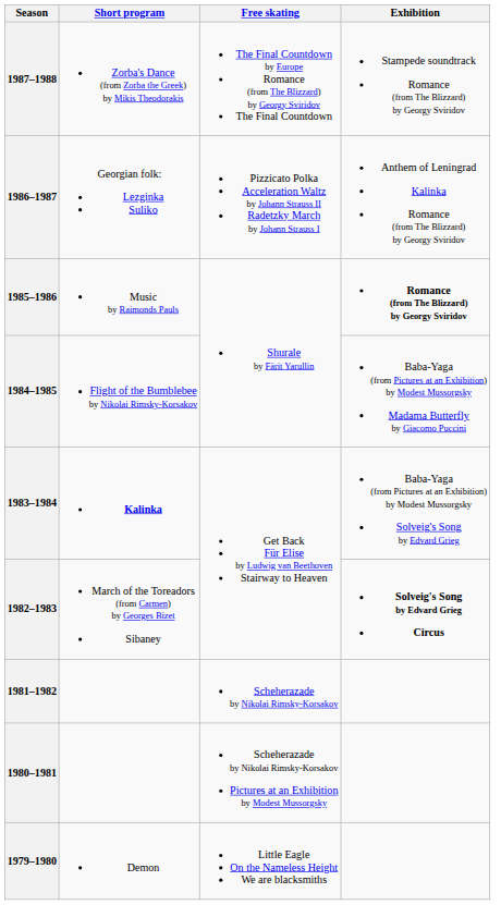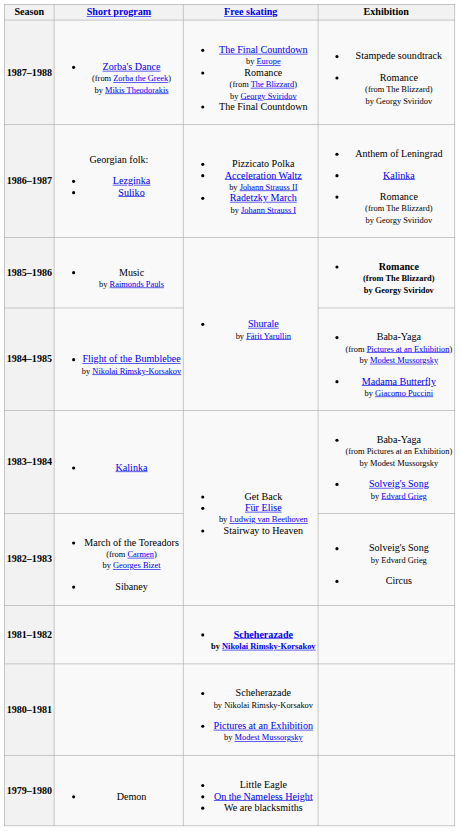 <table class=wikitable style=text-align:center>
 <tr>
 <th>Season</th>
 <th><a href='#'>Short program</a></th>
 <th><a href='#'>Free skating</a></th>
 <th>Exhibition</th>
 </tr>
 <tr>
 <th>1987–1988</th>
 <td><br><ul><li><a href='#'>Zorba's Dance</a> <br><small> (from <a href='#'>Zorba the Greek</a>) <br> by <a href='#'>Mikis Theodorakis</a> </small></li></ul></td>
 <td><br><ul><li><a href='#'>The Final Countdown</a> <br><small> by <a href='#'>Europe</a> </small></li><li>Romance <br><small> (from <a href='#'>The Blizzard</a>) <br> by <a href='#'>Georgy Sviridov</a> </small></li><li>The Final Countdown</li></ul></td>
 <td><br><ul><li>Stampede soundtrack</li></ul><ul><li>Romance <br><small> (from The Blizzard) <br> by Georgy Sviridov </small></li></ul></td>
 </tr>
 <tr>
 <th>1986–1987</th>
 <td>Georgian folk:<br><ul><li><a href='#'>Lezginka</a></li><li><a href='#'>Suliko</a></li></ul></td>
 <td><br><ul><li>Pizzicato Polka</li><li><a href='#'>Acceleration Waltz</a> <br><small> by <a href='#'>Johann Strauss II</a> </small></li><li><a href='#'>Radetzky March</a> <br><small> by <a href='#'>Johann Strauss I</a> </small></li></ul></td>
 <td><br><ul><li>Anthem of Leningrad <br><small>  </small></li></ul><ul><li><a href='#'>Kalinka</a></li></ul><ul><li>Romance <br><small> (from The Blizzard) <br> by Georgy Sviridov </small></li></ul></td>
 </tr>
 <tr>
 <th>1985–1986</th>
 <td><br><ul><li>Music <br><small> by <a href='#'>Raimonds Pauls</a> </small></li></ul></td>
 <td rowspan=2><br><ul><li><a href='#'>Shurale</a> <br><small> by <a href='#'>Färit Yarullin</a> </small></li></ul></td>
 <td><strong><br><ul><li>Romance <br><small> (from The Blizzard) <br> by Georgy Sviridov </small></li></ul></strong></td>
 </tr>
 <tr>
 <th>1984–1985</th>
 <td><br><ul><li><a href='#'>Flight of the Bumblebee</a> <br><small> by <a href='#'>Nikolai Rimsky-Korsakov</a> </small></li></ul></td>
 <td><br><ul><li>Baba-Yaga <br><small> (from <a href='#'>Pictures at an Exhibition</a>) <br> by <a href='#'>Modest Mussorgsky</a> </small></li></ul><ul><li><a href='#'>Madama Butterfly</a> <br><small> by <a href='#'>Giacomo Puccini</a> </small></li></ul></td>
 </tr>
 <tr>
 <th>1983–1984</th>
-<td><strong><br><ul><li><a href='#'>Kalinka</a></li></ul></strong></td>
+<td><br><ul><li><a href='#'>Kalinka</a></li></ul></td>
 <td rowspan=2><br><ul><li>Get Back</li><li><a href='#'>Für Elise</a> <br><small> by <a href='#'>Ludwig van Beethoven</a> </small></li><li>Stairway to Heaven</li></ul></td>
 <td><br><ul><li>Baba-Yaga <br><small> (from Pictures at an Exhibition) <br> by Modest Mussorgsky </small></li></ul><ul><li><a href='#'>Solveig's Song</a> <br><small> by <a href='#'>Edvard Grieg</a> </small></li></ul></td>
 </tr>
 <tr>
 <th>1982–1983</th>
 <td><br><ul><li>March of the Toreadors <br><small> (from <a href='#'>Carmen</a>) <br> by <a href='#'>Georges Bizet</a> </small></li></ul><ul><li>Sibaney</li></ul></td>
-<td><strong><br><ul><li>Solveig's Song <br><small> by Edvard Grieg </small></li></ul><ul><li>Circus</li></ul></strong></td>
+<td><br><ul><li>Solveig's Song <br><small> by Edvard Grieg </small></li></ul><ul><li>Circus</li></ul></td>
 </tr>
 <tr>
 <th>1981–1982</th>
 <td></td>
-<td><br><ul><li><a href='#'>Scheherazade</a> <br><small> by <a href='#'>Nikolai Rimsky-Korsakov</a> </small></li></ul></td>
+<td><strong><br><ul><li><a href='#'>Scheherazade</a> <br><small> by <a href='#'>Nikolai Rimsky-Korsakov</a> </small></li></ul></strong></td>
 <td></td>
 </tr>
 <tr>
 <th>1980–1981</th>
 <td></td>
 <td><br><ul><li>Scheherazade <br><small> by Nikolai Rimsky-Korsakov </small></li></ul><ul><li><a href='#'>Pictures at an Exhibition</a> <br><small> by <a href='#'>Modest Mussorgsky</a> </small></li></ul></td>
 <td></td>
 </tr>
 <tr>
 <th>1979–1980</th>
 <td><br><ul><li>Demon</li></ul></td>
 <td><br><ul><li>Little Eagle <br><small>  </small></li><li><a href='#'>On the Nameless Height</a> <br><small>  </small></li><li>We are blacksmiths <br><small>  </small></li></ul></td>
 <td></td>
 </tr>
 </table>
